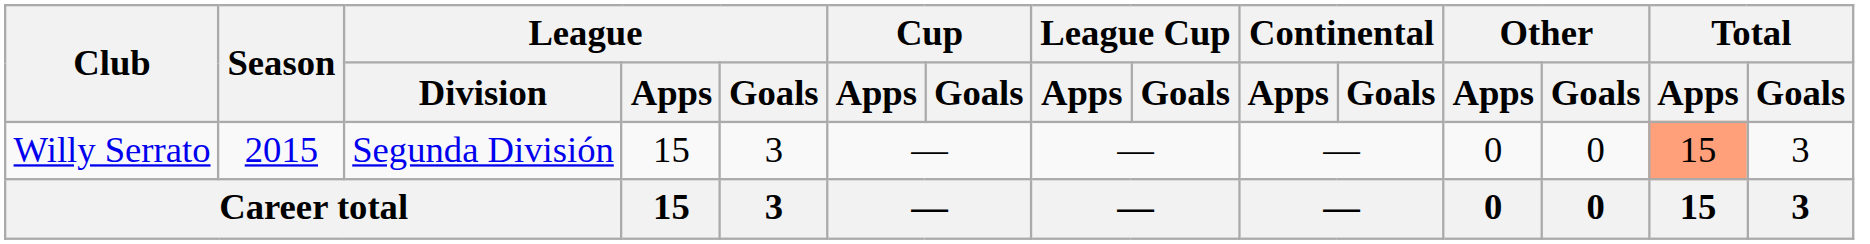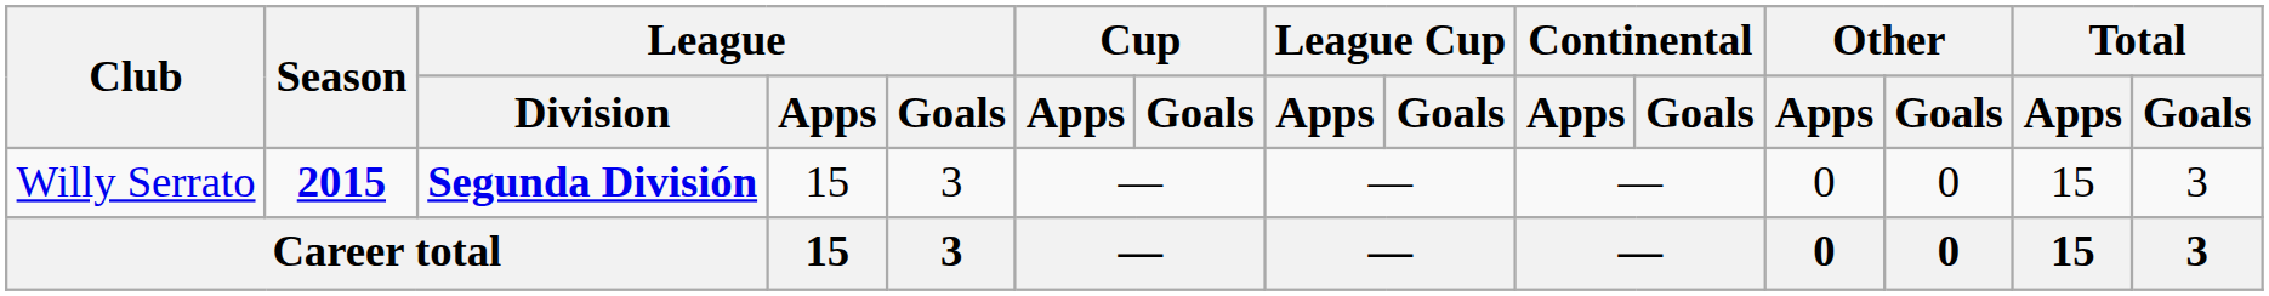 <table class="wikitable" style="text-align:center">
 <tr>
 <th rowspan="2">Club</th>
 <th rowspan="2">Season</th>
 <th colspan="3">League</th>
 <th colspan="2">Cup</th>
 <th colspan="2">League Cup</th>
 <th colspan="2">Continental</th>
 <th colspan="2">Other</th>
 <th colspan="2">Total</th>
 </tr>
 <tr>
 <th>Division</th>
 <th>Apps</th>
 <th>Goals</th>
 <th>Apps</th>
 <th>Goals</th>
 <th>Apps</th>
 <th>Goals</th>
 <th>Apps</th>
 <th>Goals</th>
 <th>Apps</th>
 <th>Goals</th>
 <th>Apps</th>
 <th>Goals</th>
 </tr>
 <tr>
 <td rowspan="1"><a href='#'>Willy Serrato</a></td>
-<td><a href='#'>2015</a></td>
-<td rowspan="1"><a href='#'>Segunda División</a></td>
+<td><strong><a href='#'>2015</a></strong></td>
+<td rowspan="1"><strong><a href='#'>Segunda División</a></strong></td>
 <td>15</td>
 <td>3</td>
 <td colspan="2">—</td>
 <td colspan="2">—</td>
 <td colspan="2">—</td>
 <td>0</td>
 <td>0</td>
-<td style="background: lightsalmon;">15</td>
+<td>15</td>
 <td>3</td>
 </tr>
 <tr>
 <th colspan="3">Career total</th>
 <th>15</th>
 <th>3</th>
 <th colspan="2">—</th>
 <th colspan="2">—</th>
 <th colspan="2">—</th>
 <th>0</th>
 <th>0</th>
 <th>15</th>
 <th>3</th>
 </tr>
 </table>
